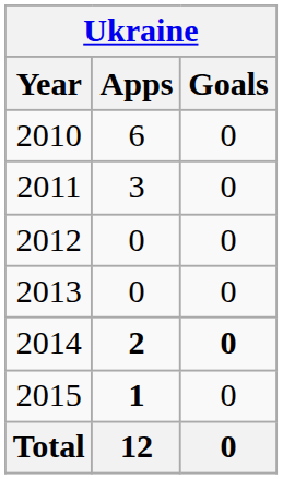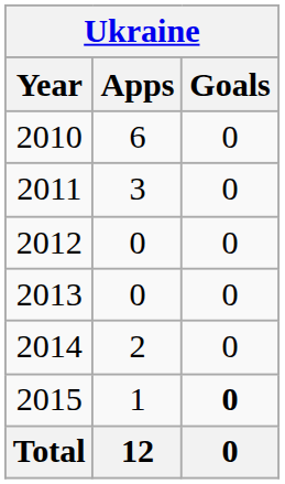 <table class=wikitable style=text-align:center>
 <tr>
 <th colspan=7><a href='#'>Ukraine</a></th>
 </tr>
 <tr>
 <th>Year</th>
 <th>Apps</th>
 <th>Goals</th>
 </tr>
 <tr>
 <td>2010</td>
 <td>6</td>
 <td>0</td>
 </tr>
 <tr>
 <td>2011</td>
 <td>3</td>
 <td>0</td>
 </tr>
 <tr>
 <td>2012</td>
 <td>0</td>
 <td>0</td>
 </tr>
 <tr>
 <td>2013</td>
 <td>0</td>
 <td>0</td>
 </tr>
 <tr>
 <td>2014</td>
-<td><strong>2</strong></td>
-<td><strong>0</strong></td>
+<td>2</td>
+<td>0</td>
 </tr>
 <tr>
 <td>2015</td>
-<td><strong>1</strong></td>
-<td>0</td>
+<td>1</td>
+<td><strong>0</strong></td>
 </tr>
 <tr>
 <th colspan=1>Total</th>
 <th>12</th>
 <th>0</th>
 </tr>
 </table>
